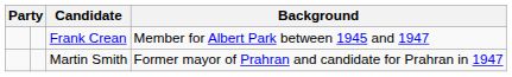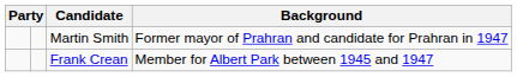 <table class="wikitable">
 <tr>
 <th colspan="2">Party</th>
 <th>Candidate</th>
 <th>Background</th>
 </tr>
 <tr>
 <td> </td>
 <td></td>
-<td><a href='#'>Frank Crean</a></td>
-<td>Member for <a href='#'>Albert Park</a> between <a href='#'>1945</a> and <a href='#'>1947</a></td>
+<td>Martin Smith</td>
+<td>Former mayor of <a href='#'>Prahran</a> and candidate for Prahran in <a href='#'>1947</a></td>
 </tr>
 <tr>
 <td> </td>
 <td></td>
-<td>Martin Smith</td>
-<td>Former mayor of <a href='#'>Prahran</a> and candidate for Prahran in <a href='#'>1947</a></td>
+<td><a href='#'>Frank Crean</a></td>
+<td>Member for <a href='#'>Albert Park</a> between <a href='#'>1945</a> and <a href='#'>1947</a></td>
 </tr>
 </table>
